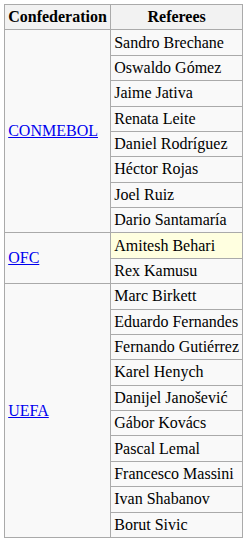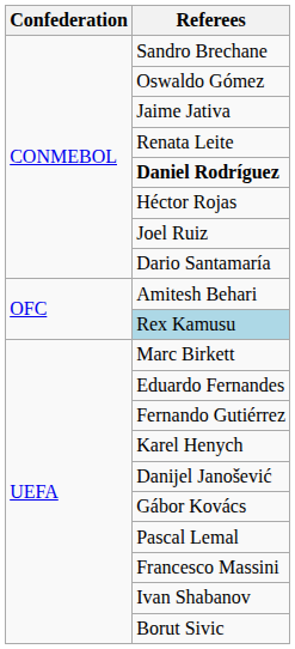 <table class="wikitable">
 <tr>
 <th>Confederation</th>
 <th>Referees</th>
 </tr>
 <tr>
 <td rowspan="8"><a href='#'>CONMEBOL</a></td>
 <td> Sandro Brechane</td>
 </tr>
 <tr>
 <td> Oswaldo Gómez</td>
 </tr>
 <tr>
 <td> Jaime Jativa</td>
 </tr>
 <tr>
 <td> Renata Leite</td>
 </tr>
 <tr>
-<td> Daniel Rodríguez</td>
+<td><strong> Daniel Rodríguez</strong></td>
 </tr>
 <tr>
 <td> Héctor Rojas</td>
 </tr>
 <tr>
 <td> Joel Ruiz</td>
 </tr>
 <tr>
 <td> Dario Santamaría</td>
 </tr>
 <tr>
 <td rowspan="2"><a href='#'>OFC</a></td>
-<td style="background: lightyellow;"> Amitesh Behari</td>
+<td> Amitesh Behari</td>
 </tr>
 <tr>
-<td> Rex Kamusu</td>
+<td style="background: lightblue;"> Rex Kamusu</td>
 </tr>
 <tr>
 <td rowspan="10"><a href='#'>UEFA</a></td>
 <td> Marc Birkett</td>
 </tr>
 <tr>
 <td> Eduardo Fernandes</td>
 </tr>
 <tr>
 <td> Fernando Gutiérrez</td>
 </tr>
 <tr>
 <td> Karel Henych</td>
 </tr>
 <tr>
 <td> Danijel Janošević</td>
 </tr>
 <tr>
 <td> Gábor Kovács</td>
 </tr>
 <tr>
 <td> Pascal Lemal</td>
 </tr>
 <tr>
 <td> Francesco Massini</td>
 </tr>
 <tr>
 <td> Ivan Shabanov</td>
 </tr>
 <tr>
 <td> Borut Sivic</td>
 </tr>
 </table>
